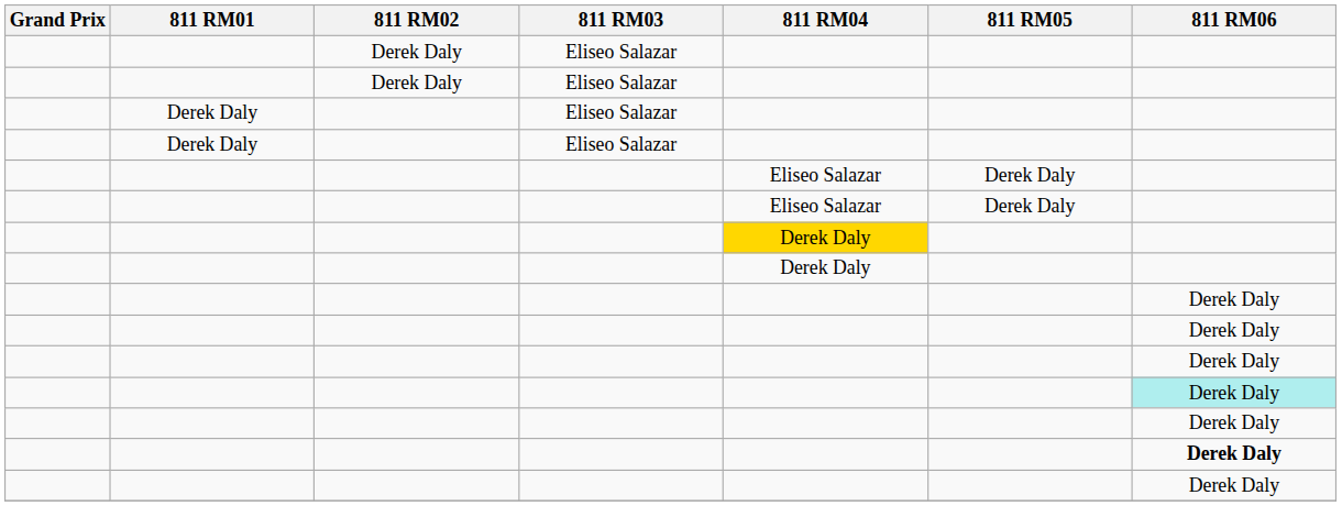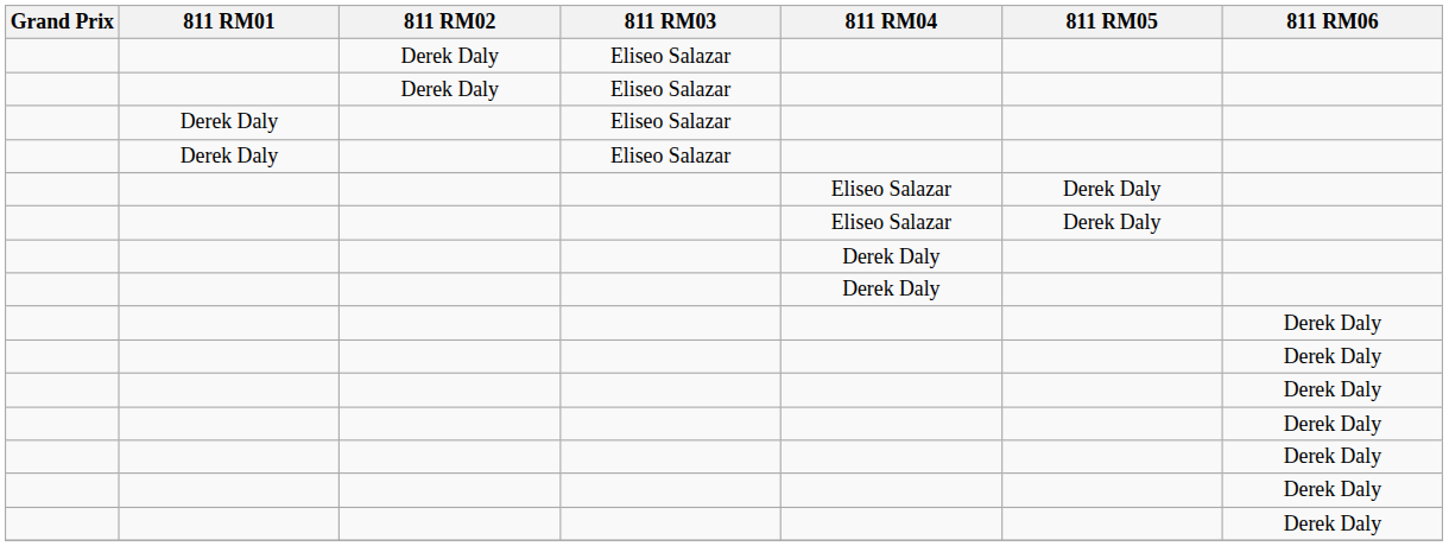 <table class="wikitable" style="text-align:center">
 <tr class="hintergrundfarbe5">
 <th>Grand Prix</th>
 <th style="width:10em">811 RM01</th>
 <th style="width:10em">811 RM02</th>
 <th style="width:10em">811 RM03</th>
 <th style="width:10em">811 RM04</th>
 <th style="width:10em">811 RM05</th>
 <th style="width:10em">811 RM06</th>
 </tr>
 <tr>
 <td align="left"></td>
 <td></td>
 <td>Derek Daly</td>
 <td>Eliseo Salazar</td>
 <td></td>
 <td></td>
 <td></td>
 </tr>
 <tr>
 <td align="left"></td>
 <td></td>
 <td>Derek Daly</td>
 <td>Eliseo Salazar</td>
 <td></td>
 <td></td>
 <td></td>
 </tr>
 <tr>
 <td align="left"></td>
 <td>Derek Daly</td>
 <td></td>
 <td>Eliseo Salazar</td>
 <td></td>
 <td></td>
 <td></td>
 </tr>
 <tr>
 <td align="left"></td>
 <td>Derek Daly</td>
 <td></td>
 <td>Eliseo Salazar</td>
 <td></td>
 <td></td>
 <td></td>
 </tr>
 <tr>
 <td align="left"></td>
 <td></td>
 <td></td>
 <td></td>
 <td>Eliseo Salazar</td>
 <td>Derek Daly</td>
 <td></td>
 </tr>
 <tr>
 <td align="left"></td>
 <td></td>
 <td></td>
 <td></td>
 <td>Eliseo Salazar</td>
 <td>Derek Daly</td>
 <td></td>
 </tr>
 <tr>
 <td align="left"></td>
 <td></td>
 <td></td>
 <td></td>
-<td style="background: gold;">Derek Daly</td>
+<td>Derek Daly</td>
 <td></td>
 <td></td>
 </tr>
 <tr>
 <td align="left"></td>
 <td></td>
 <td></td>
 <td></td>
 <td>Derek Daly</td>
 <td></td>
 <td></td>
 </tr>
 <tr>
 <td align="left"></td>
 <td></td>
 <td></td>
 <td></td>
 <td></td>
 <td></td>
 <td>Derek Daly</td>
 </tr>
 <tr>
 <td align="left"></td>
 <td></td>
 <td></td>
 <td></td>
 <td></td>
 <td></td>
 <td>Derek Daly</td>
 </tr>
 <tr>
 <td align="left"></td>
 <td></td>
 <td></td>
 <td></td>
 <td></td>
 <td></td>
 <td>Derek Daly</td>
 </tr>
 <tr>
 <td align="left"></td>
 <td></td>
 <td></td>
 <td></td>
 <td></td>
 <td></td>
-<td style="background: paleturquoise;">Derek Daly</td>
+<td>Derek Daly</td>
 </tr>
 <tr>
 <td align="left"></td>
 <td></td>
 <td></td>
 <td></td>
 <td></td>
 <td></td>
 <td>Derek Daly</td>
 </tr>
 <tr>
 <td align="left"></td>
 <td></td>
 <td></td>
 <td></td>
 <td></td>
 <td></td>
-<td><strong>Derek Daly</strong></td>
+<td>Derek Daly</td>
 </tr>
 <tr>
 <td align="left"></td>
 <td></td>
 <td></td>
 <td></td>
 <td></td>
 <td></td>
 <td>Derek Daly</td>
 </tr>
 <tr>
 </tr>
 </table>
